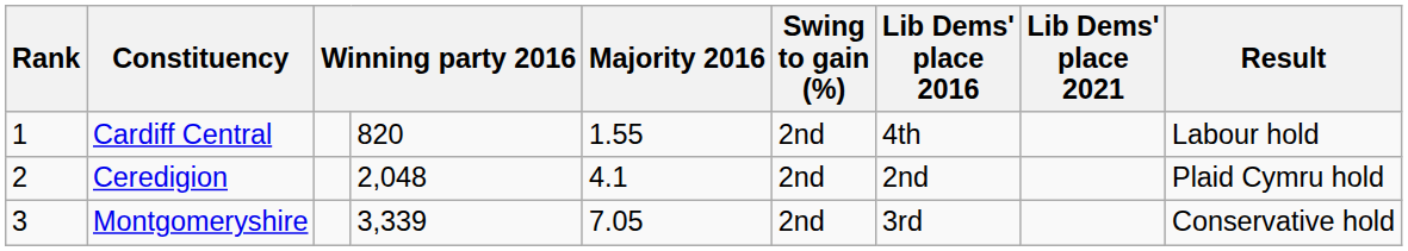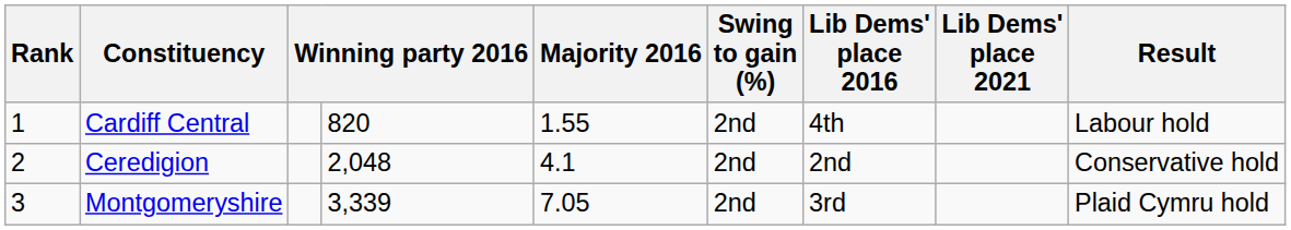 <table class="wikitable">
 <tr>
 <th>Rank</th>
 <th>Constituency</th>
 <th colspan=2>Winning party 2016</th>
 <th>Majority 2016</th>
 <th>Swing<br>to gain<br>(%)</th>
 <th>Lib Dems'<br>place<br>2016</th>
 <th>Lib Dems'<br>place<br>2021</th>
 <th colspan=2>Result</th>
 </tr>
 <tr>
 <td>1</td>
 <td><a href='#'>Cardiff Central</a></td>
 <td></td>
 <td>820</td>
 <td>1.55</td>
 <td>2nd</td>
 <td>4th</td>
 <td style="background-color: "></td>
 <td>Labour hold</td>
 </tr>
 <tr>
 <td>2</td>
 <td><a href='#'>Ceredigion</a></td>
 <td></td>
 <td>2,048</td>
 <td>4.1</td>
 <td>2nd</td>
 <td>2nd</td>
 <td style="background-color: "></td>
-<td>Plaid Cymru hold</td>
+<td>Conservative hold</td>
 </tr>
 <tr>
 <td>3</td>
 <td><a href='#'>Montgomeryshire</a></td>
 <td></td>
 <td>3,339</td>
 <td>7.05</td>
 <td>2nd</td>
 <td>3rd</td>
 <td style="background-color: "></td>
-<td>Conservative hold</td>
+<td>Plaid Cymru hold</td>
 </tr>
 </table>
